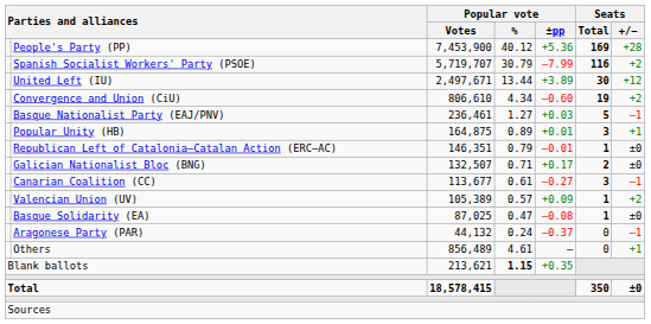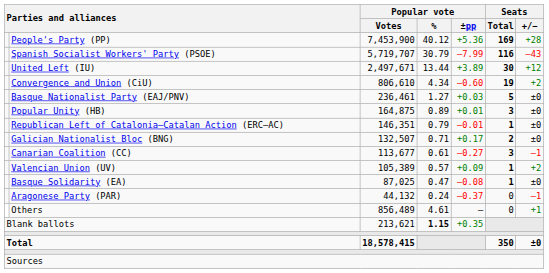 <table class="wikitable" style="text-align:right">
 <tr>
 <th style="text-align:left;" rowspan="2" colspan="2" width="525">Parties and alliances</th>
 <th colspan="3">Popular vote</th>
 <th colspan="2">Seats</th>
 </tr>
 <tr>
 <th width="75">Votes</th>
 <th width="45">%</th>
 <th width="45">±<a href='#'>pp</a></th>
 <th width="35">Total</th>
 <th width="35">+/−</th>
 </tr>
 <tr>
 <td width="1" style="color:inherit;background:"></td>
 <td align="left"><a href='#'>People's Party</a> (PP)</td>
 <td>7,453,900</td>
 <td>40.12</td>
 <td style="color:green;">+5.36</td>
 <td><strong>169</strong></td>
 <td style="color:green;">+28</td>
 </tr>
 <tr>
 <td style="color:inherit;background:"></td>
 <td align="left"><a href='#'>Spanish Socialist Workers' Party</a> (PSOE)</td>
 <td>5,719,707</td>
 <td>30.79</td>
 <td style="color:red;">–7.99</td>
 <td><strong>116</strong></td>
-<td style="color:green;">+2</td>
+<td style="color:red;">–43</td>
 </tr>
 <tr>
 <td style="color:inherit;background:"></td>
 <td align="left"><a href='#'>United Left</a> (IU)</td>
 <td>2,497,671</td>
 <td>13.44</td>
 <td style="color:green;">+3.89</td>
 <td><strong>30</strong></td>
 <td style="color:green;">+12</td>
 </tr>
 <tr>
 <td style="color:inherit;background:"></td>
 <td align="left"><a href='#'>Convergence and Union</a> (CiU)</td>
 <td>806,610</td>
 <td>4.34</td>
 <td style="color:red;">–0.60</td>
 <td><strong>19</strong></td>
 <td style="color:green;">+2</td>
 </tr>
 <tr>
 <td style="color:inherit;background:"></td>
 <td align="left"><a href='#'>Basque Nationalist Party</a> (EAJ/PNV)</td>
 <td>236,461</td>
 <td>1.27</td>
 <td style="color:green;">+0.03</td>
 <td><strong>5</strong></td>
-<td style="color:red;">–1</td>
+<td>±0</td>
 </tr>
 <tr>
 <td style="color:inherit;background:"></td>
 <td align="left"><a href='#'>Popular Unity</a> (HB)</td>
 <td>164,875</td>
 <td>0.89</td>
 <td style="color:green;">+0.01</td>
 <td><strong>3</strong></td>
-<td style="color:green;">+1</td>
+<td>±0</td>
 </tr>
 <tr>
 <td style="color:inherit;background:"></td>
 <td align="left"><a href='#'>Republican Left of Catalonia–Catalan Action</a> (ERC–AC)</td>
 <td>146,351</td>
 <td>0.79</td>
 <td style="color:red;">–0.01</td>
 <td><strong>1</strong></td>
 <td>±0</td>
 </tr>
 <tr>
 <td style="color:inherit;background:"></td>
 <td align="left"><a href='#'>Galician Nationalist Bloc</a> (BNG)</td>
 <td>132,507</td>
 <td>0.71</td>
 <td style="color:green;">+0.17</td>
 <td><strong>2</strong></td>
 <td>±0</td>
 </tr>
 <tr>
 <td style="color:inherit;background:"></td>
 <td align="left"><a href='#'>Canarian Coalition</a> (CC)</td>
 <td>113,677</td>
 <td>0.61</td>
 <td style="color:red;">–0.27</td>
 <td><strong>3</strong></td>
 <td style="color:red;">–1</td>
 </tr>
 <tr>
 <td style="color:inherit;background:"></td>
 <td align="left"><a href='#'>Valencian Union</a> (UV)</td>
 <td>105,389</td>
 <td>0.57</td>
 <td style="color:green;">+0.09</td>
 <td><strong>1</strong></td>
 <td style="color:green;">+2</td>
 </tr>
 <tr>
 <td style="color:inherit;background:"></td>
 <td align="left"><a href='#'>Basque Solidarity</a> (EA)</td>
 <td>87,025</td>
 <td>0.47</td>
 <td style="color:red;">–0.08</td>
 <td><strong>1</strong></td>
 <td>±0</td>
 </tr>
 <tr>
 <td style="color:inherit;background:"></td>
 <td align="left"><a href='#'>Aragonese Party</a> (PAR)</td>
 <td>44,132</td>
 <td>0.24</td>
 <td style="color:red;">–0.37</td>
 <td>0</td>
 <td style="color:red;">–1</td>
 </tr>
 <tr>
 <td bgcolor="white"></td>
 <td align="left">Others</td>
 <td>856,489</td>
 <td>4.61</td>
 <td>—</td>
 <td>0</td>
 <td style="color:green;">+1</td>
 </tr>
 <tr>
 <td align="left" colspan="2">Blank ballots</td>
 <td>213,621</td>
 <td><strong>1.15</strong></td>
 <td style="color:green;">+0.35</td>
 <td bgcolor="#E9E9E9" colspan="2"></td>
 </tr>
 <tr>
 <td colspan="7" bgcolor="#E9E9E9"></td>
 </tr>
 <tr style="font-weight:bold;">
 <td align="left" colspan="2">Total</td>
 <td>18,578,415</td>
 <td bgcolor="#E9E9E9" colspan="2"></td>
 <td>350</td>
 <td>±0</td>
 </tr>
 <tr>
 <td colspan="7" bgcolor="#E9E9E9"></td>
 </tr>
 <tr>
 <td align="left" colspan="7">Sources</td>
 </tr>
 </table>
